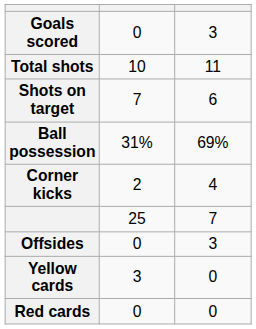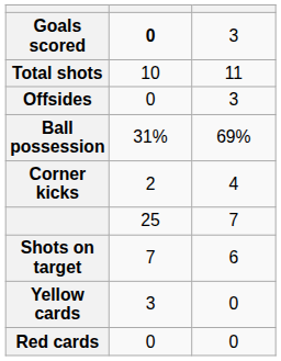 <table class="wikitable" style="text-align: center; margin: 0 auto;">
 <tr>
 <th scope="col" style="width:70px"></th>
 <th scope="col" style="width:70px"></th>
 <th scope="col" style="width:70px"></th>
 </tr>
 <tr>
 <th scope=row>Goals scored</th>
-<td>0</td>
+<td><strong>0</strong></td>
 <td>3</td>
 </tr>
 <tr>
 <th scope=row>Total shots</th>
 <td>10</td>
 <td>11</td>
 </tr>
 <tr>
-<th scope=row>Shots on target</th>
-<td>7</td>
-<td>6</td>
+<th scope=row>Offsides</th>
+<td>0</td>
+<td>3</td>
 </tr>
 <tr>
 <th scope=row>Ball possession</th>
 <td>31%</td>
 <td>69%</td>
 </tr>
 <tr>
 <th scope=row>Corner kicks</th>
 <td>2</td>
 <td>4</td>
 </tr>
 <tr>
 <th scope=row></th>
 <td>25</td>
 <td>7</td>
 </tr>
 <tr>
-<th scope=row>Offsides</th>
-<td>0</td>
-<td>3</td>
+<th scope=row>Shots on target</th>
+<td>7</td>
+<td>6</td>
 </tr>
 <tr>
 <th scope=row>Yellow cards</th>
 <td>3</td>
 <td>0</td>
 </tr>
 <tr>
 <th scope=row>Red cards</th>
 <td>0</td>
 <td>0</td>
 </tr>
 </table>
